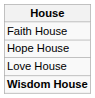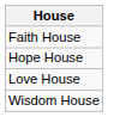 <table class="wikitable">
 <tr>
 <th>House</th>
 </tr>
 <tr>
 <td>Faith House</td>
 </tr>
 <tr>
 <td>Hope House</td>
 </tr>
 <tr>
 <td>Love House</td>
 </tr>
 <tr>
-<td><strong>Wisdom House</strong></td>
+<td>Wisdom House</td>
 </tr>
 </table>
